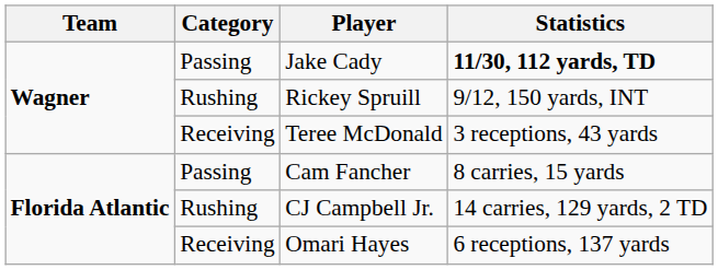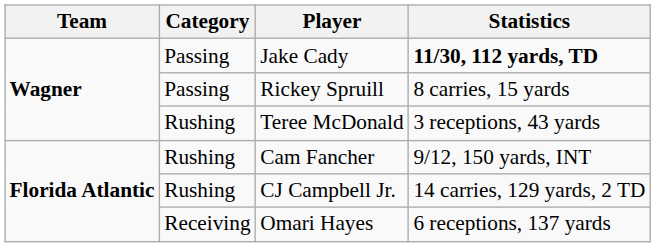 <table class="wikitable" style="float: right;">
 <tr>
 <th>Team</th>
 <th>Category</th>
 <th>Player</th>
 <th>Statistics</th>
 </tr>
 <tr>
 <td rowspan=3><strong>Wagner</strong></td>
 <td>Passing</td>
 <td>Jake Cady</td>
 <td><strong>11/30, 112 yards, TD</strong></td>
 </tr>
 <tr>
-<td>Rushing</td>
+<td>Passing</td>
 <td>Rickey Spruill</td>
-<td>9/12, 150 yards, INT</td>
+<td>8 carries, 15 yards</td>
 </tr>
 <tr>
-<td>Receiving</td>
+<td>Rushing</td>
 <td>Teree McDonald</td>
 <td>3 receptions, 43 yards</td>
 </tr>
 <tr>
 <td rowspan=3><strong>Florida Atlantic</strong></td>
-<td>Passing</td>
+<td>Rushing</td>
 <td>Cam Fancher</td>
-<td>8 carries, 15 yards</td>
+<td>9/12, 150 yards, INT</td>
 </tr>
 <tr>
 <td>Rushing</td>
 <td>CJ Campbell Jr.</td>
 <td>14 carries, 129 yards, 2 TD</td>
 </tr>
 <tr>
 <td>Receiving</td>
 <td>Omari Hayes</td>
 <td>6 receptions, 137 yards</td>
 </tr>
 </table>
